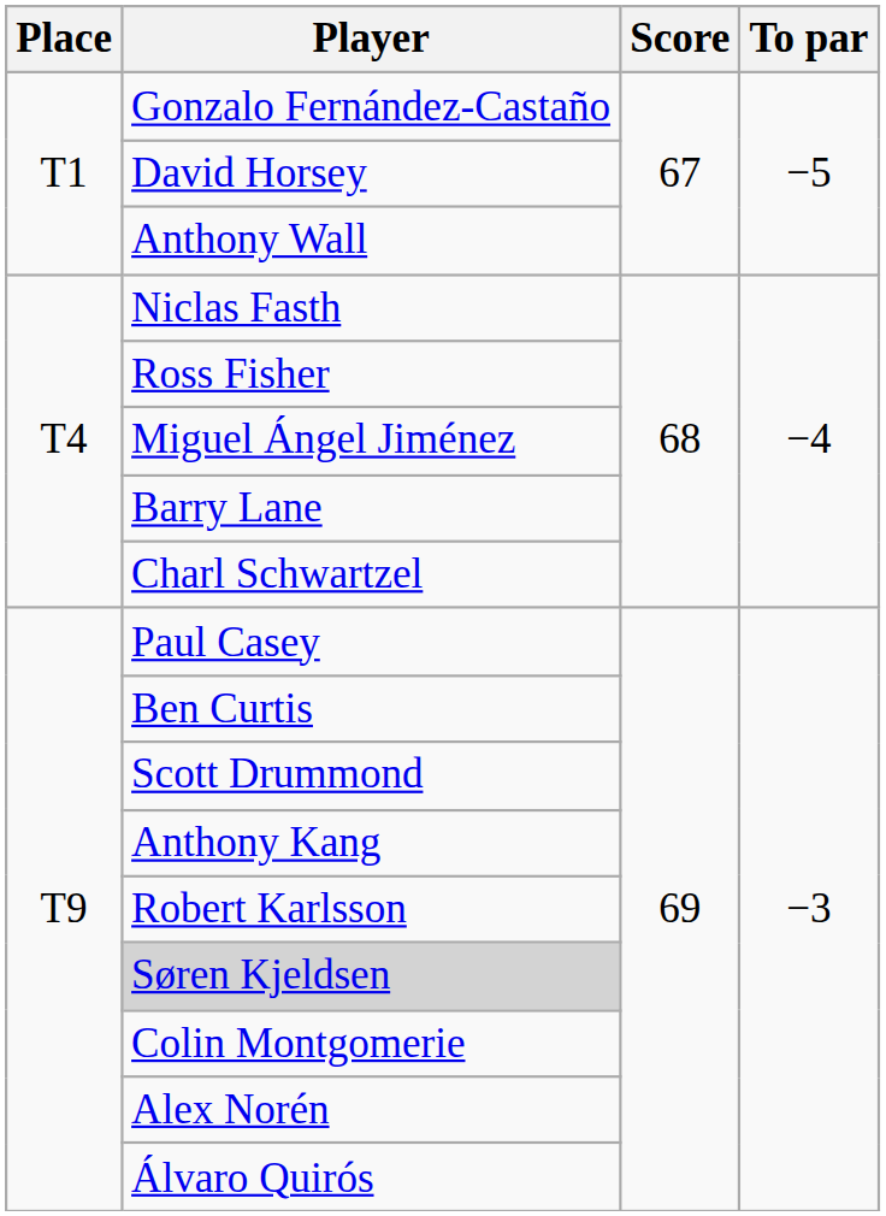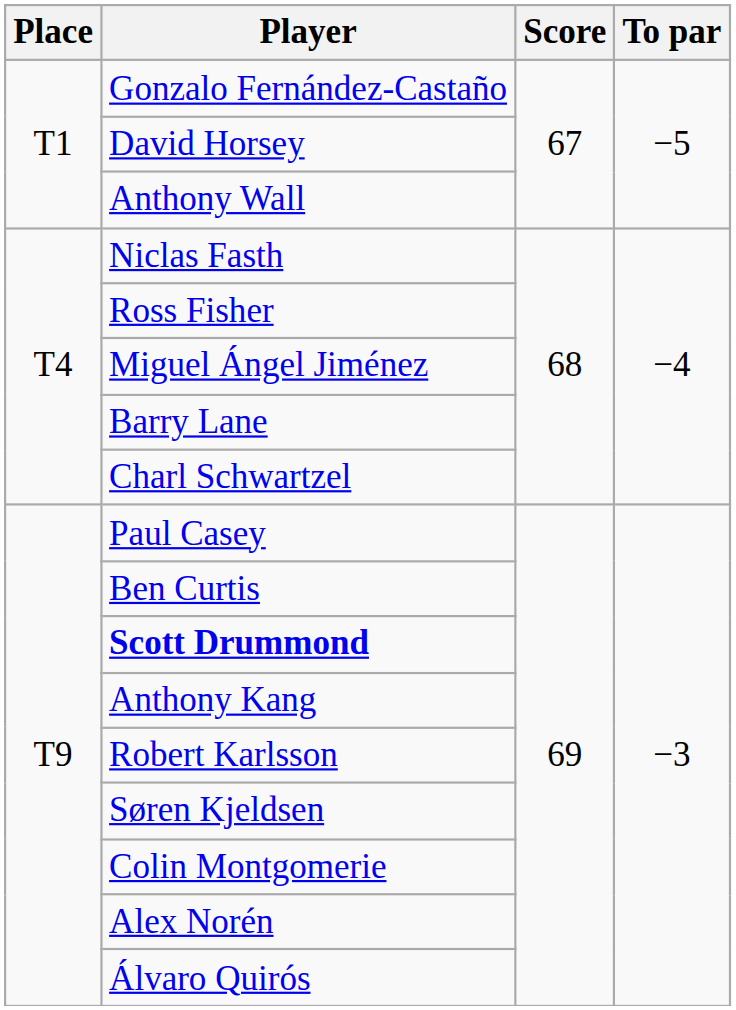 <table class="wikitable">
 <tr>
 <th>Place</th>
 <th>Player</th>
 <th>Score</th>
 <th>To par</th>
 </tr>
 <tr>
 <td rowspan="3" align=center>T1</td>
 <td> <a href='#'>Gonzalo Fernández-Castaño</a></td>
 <td rowspan="3" align=center>67</td>
 <td rowspan="3" align=center>−5</td>
 </tr>
 <tr>
 <td> <a href='#'>David Horsey</a></td>
 </tr>
 <tr>
 <td> <a href='#'>Anthony Wall</a></td>
 </tr>
 <tr>
 <td rowspan="5" align=center>T4</td>
 <td> <a href='#'>Niclas Fasth</a></td>
 <td rowspan="5" align=center>68</td>
 <td rowspan="5" align=center>−4</td>
 </tr>
 <tr>
 <td> <a href='#'>Ross Fisher</a></td>
 </tr>
 <tr>
 <td> <a href='#'>Miguel Ángel Jiménez</a></td>
 </tr>
 <tr>
 <td> <a href='#'>Barry Lane</a></td>
 </tr>
 <tr>
 <td> <a href='#'>Charl Schwartzel</a></td>
 </tr>
 <tr>
 <td rowspan="10" align=center>T9</td>
 <td> <a href='#'>Paul Casey</a></td>
 <td rowspan="10" align=center>69</td>
 <td rowspan="10" align=center>−3</td>
 </tr>
 <tr>
 <td> <a href='#'>Ben Curtis</a></td>
 </tr>
 <tr>
-<td> <a href='#'>Scott Drummond</a></td>
+<td><strong> <a href='#'>Scott Drummond</a></strong></td>
 </tr>
 <tr>
 <td> <a href='#'>Anthony Kang</a></td>
 </tr>
 <tr>
 <td> <a href='#'>Robert Karlsson</a></td>
 </tr>
 <tr>
-<td style="background: lightgrey;"> <a href='#'>Søren Kjeldsen</a></td>
+<td> <a href='#'>Søren Kjeldsen</a></td>
 </tr>
 <tr>
 <td> <a href='#'>Colin Montgomerie</a></td>
 </tr>
 <tr>
 <td> <a href='#'>Alex Norén</a></td>
 </tr>
 <tr>
 <td> <a href='#'>Álvaro Quirós</a></td>
 </tr>
 </table>
